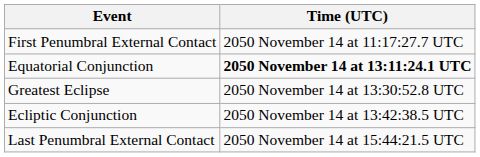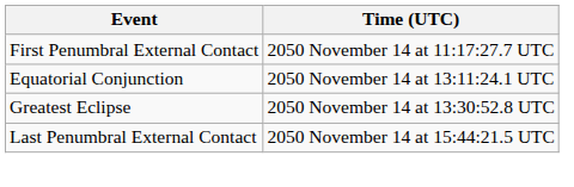 <table class="wikitable">
 <tr>
 <th>Event</th>
 <th>Time (UTC)</th>
 </tr>
 <tr>
 <td>First Penumbral External Contact</td>
 <td>2050 November 14 at 11:17:27.7 UTC</td>
 </tr>
 <tr>
 <td>Equatorial Conjunction</td>
-<td><strong>2050 November 14 at 13:11:24.1 UTC</strong></td>
+<td>2050 November 14 at 13:11:24.1 UTC</td>
 </tr>
 <tr>
 <td>Greatest Eclipse</td>
 <td>2050 November 14 at 13:30:52.8 UTC</td>
 </tr>
 <tr>
-<td>Ecliptic Conjunction</td>
-<td>2050 November 14 at 13:42:38.5 UTC</td>
-</tr>
-<tr>
 <td>Last Penumbral External Contact</td>
 <td>2050 November 14 at 15:44:21.5 UTC</td>
 </tr>
 </table>
